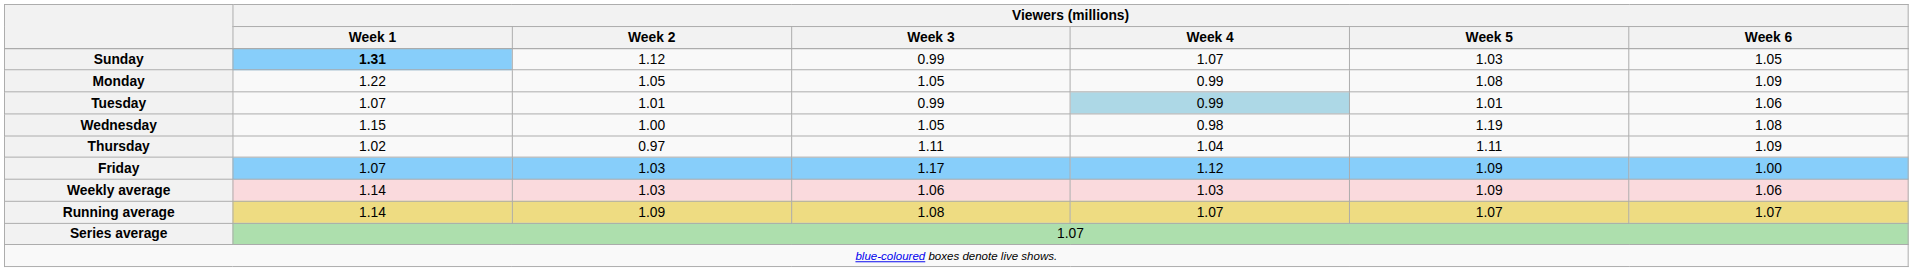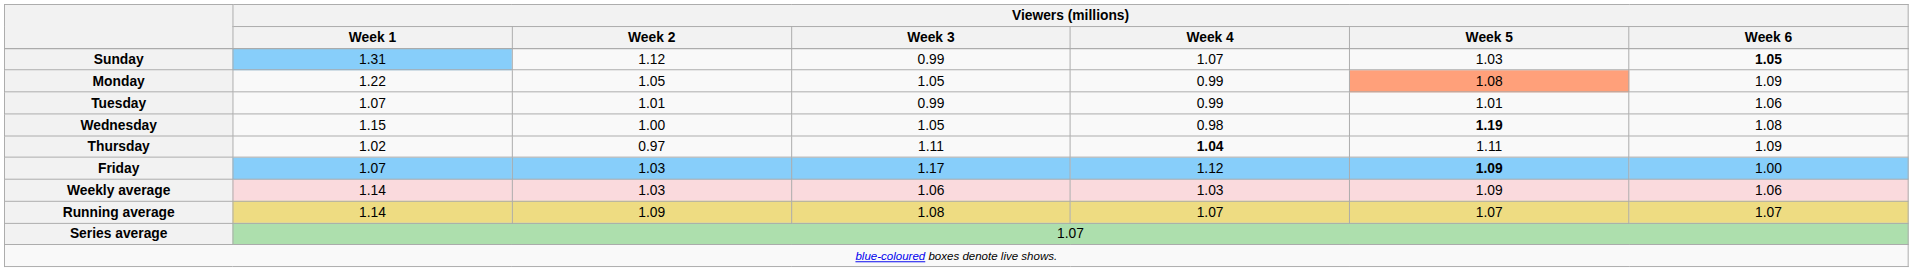 <table class="wikitable" style="font-size:90%; text-align:center; width: 100%; margin-left: auto; margin-right: auto;">
 <tr>
 <th scope="col" rowspan="2" style="width:12%;"></th>
 <th scope=col colspan=6>Viewers (millions)</th>
 </tr>
 <tr>
 <th>Week 1</th>
 <th>Week 2</th>
 <th>Week 3</th>
 <th>Week 4</th>
 <th>Week 5</th>
 <th>Week 6</th>
 </tr>
 <tr>
 </tr>
 <tr>
 <th>Sunday</th>
-<td style="background:#87CEFA;"><strong>1.31</strong></td>
+<td style="background:#87CEFA;">1.31</td>
 <td>1.12</td>
 <td>0.99</td>
 <td>1.07</td>
 <td>1.03</td>
-<td>1.05</td>
+<td><strong>1.05</strong></td>
 </tr>
 <tr>
 <th>Monday</th>
 <td>1.22</td>
 <td>1.05</td>
 <td>1.05</td>
 <td>0.99</td>
-<td>1.08</td>
+<td style="background: lightsalmon;">1.08</td>
 <td>1.09</td>
 </tr>
 <tr>
 <th>Tuesday</th>
 <td>1.07</td>
 <td>1.01</td>
 <td>0.99</td>
-<td style="background: lightblue;">0.99</td>
+<td>0.99</td>
 <td>1.01</td>
 <td>1.06</td>
 </tr>
 <tr>
 <th>Wednesday</th>
 <td>1.15</td>
 <td>1.00</td>
 <td>1.05</td>
 <td>0.98</td>
-<td>1.19</td>
+<td><strong>1.19</strong></td>
 <td>1.08</td>
 </tr>
 <tr>
 <th>Thursday</th>
 <td>1.02</td>
 <td>0.97</td>
 <td>1.11</td>
-<td>1.04</td>
+<td><strong>1.04</strong></td>
 <td>1.11</td>
 <td>1.09</td>
 </tr>
 <tr>
 <th>Friday</th>
 <td style="background:#87CEFA;">1.07</td>
 <td style="background:#87CEFA;">1.03</td>
 <td style="background:#87CEFA;">1.17</td>
 <td style="background:#87CEFA;">1.12</td>
-<td style="background:#87CEFA;">1.09</td>
+<td style="background:#87CEFA;"><strong>1.09</strong></td>
 <td style="background:#87CEFA;">1.00</td>
 </tr>
 <tr>
 <th>Weekly average</th>
 <td style="background:#FADADD;">1.14</td>
 <td style="background:#FADADD;">1.03</td>
 <td style="background:#FADADD;">1.06</td>
 <td style="background:#FADADD;">1.03</td>
 <td style="background:#FADADD;">1.09</td>
 <td style="background:#FADADD;">1.06</td>
 </tr>
 <tr>
 <th>Running average</th>
 <td style="background:#EEDC82;">1.14</td>
 <td style="background:#EEDC82;">1.09</td>
 <td style="background:#EEDC82;">1.08</td>
 <td style="background:#EEDC82;">1.07</td>
 <td style="background:#EEDC82;">1.07</td>
 <td style="background:#EEDC82;">1.07</td>
 </tr>
 <tr>
 <th>Series average</th>
 <td colspan="6" style="background:#ADDFAD;">1.07</td>
 </tr>
 <tr>
 <td colspan=7><small><em><a href='#'>blue-coloured</a> boxes denote live shows.</em></small></td>
 </tr>
 </table>
